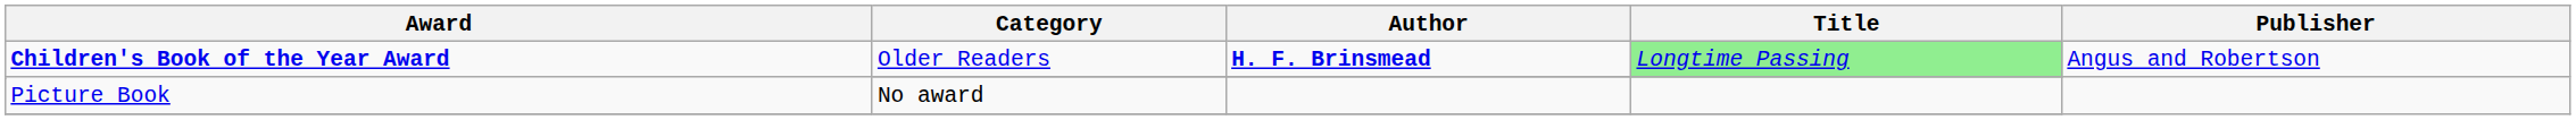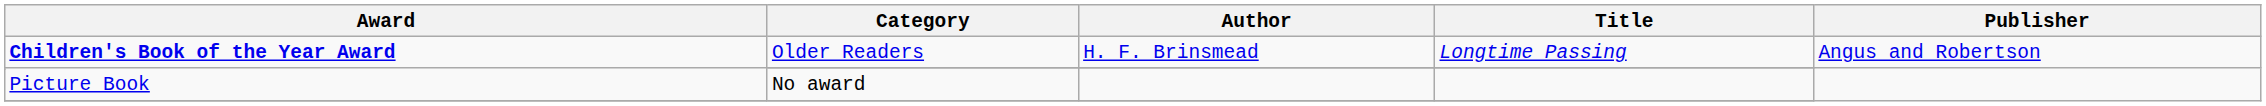 <table class="wikitable" width=95%>
 <tr>
 <th>Award</th>
 <th>Category</th>
 <th>Author</th>
 <th>Title</th>
 <th>Publisher</th>
 </tr>
 <tr>
 <td rowspan=2><strong><a href='#'>Children's Book of the Year Award</a></strong></td>
 <td><a href='#'>Older Readers</a></td>
-<td><strong><a href='#'>H. F. Brinsmead</a></strong></td>
-<td style="background: lightgreen;"><em><a href='#'>Longtime Passing</a></em></td>
+<td><a href='#'>H. F. Brinsmead</a></td>
+<td><em><a href='#'>Longtime Passing</a></em></td>
 <td><a href='#'>Angus and Robertson</a></td>
 </tr>
 <tr>
 </tr>
 <tr>
 <td><a href='#'>Picture Book</a></td>
 <td>No award</td>
 <td></td>
 <td></td>
 </tr>
 <tr>
 </tr>
 </table>
